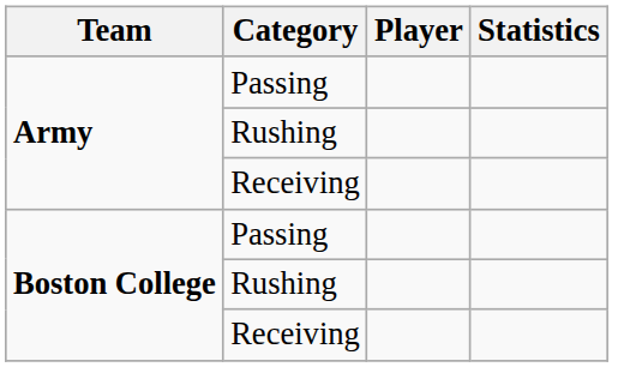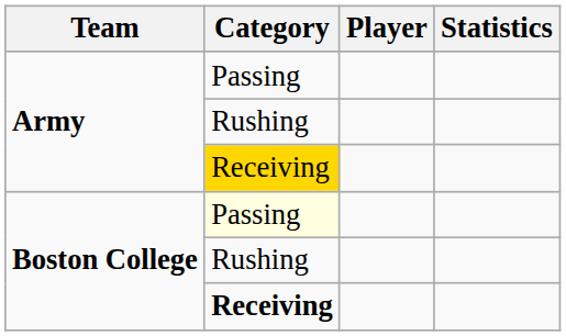 <table class="wikitable" style="float: left;">
 <tr>
 <th>Team</th>
 <th>Category</th>
 <th>Player</th>
 <th>Statistics</th>
 </tr>
 <tr>
 <td rowspan=3><strong>Army</strong></td>
 <td>Passing</td>
 <td></td>
 <td></td>
 </tr>
 <tr>
 <td>Rushing</td>
 <td></td>
 <td></td>
 </tr>
 <tr>
-<td>Receiving</td>
+<td style="background: gold;">Receiving</td>
 <td></td>
 <td></td>
 </tr>
 <tr>
 <td rowspan=3><strong>Boston College</strong></td>
-<td>Passing</td>
+<td style="background: lightyellow;">Passing</td>
 <td></td>
 <td></td>
 </tr>
 <tr>
 <td>Rushing</td>
 <td></td>
 <td></td>
 </tr>
 <tr>
-<td>Receiving</td>
+<td><strong>Receiving</strong></td>
 <td></td>
 <td></td>
 </tr>
 </table>
